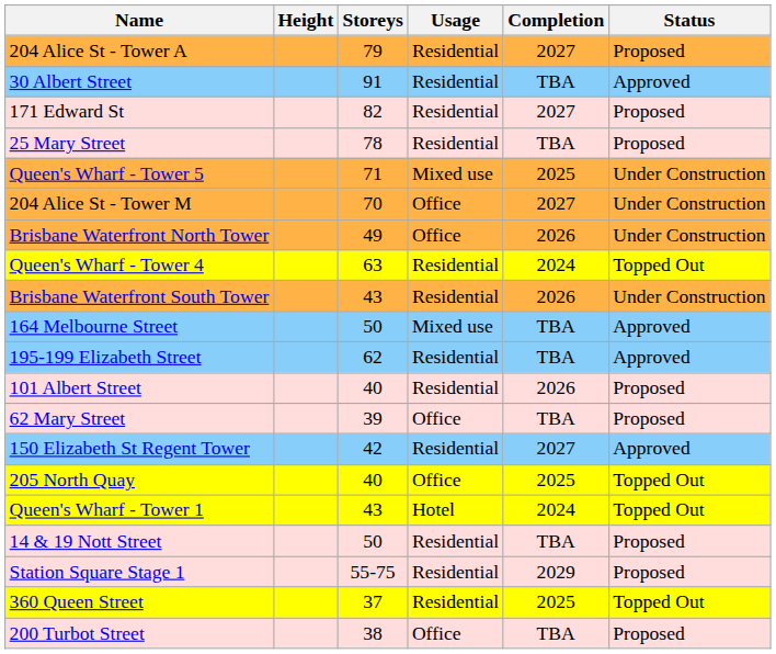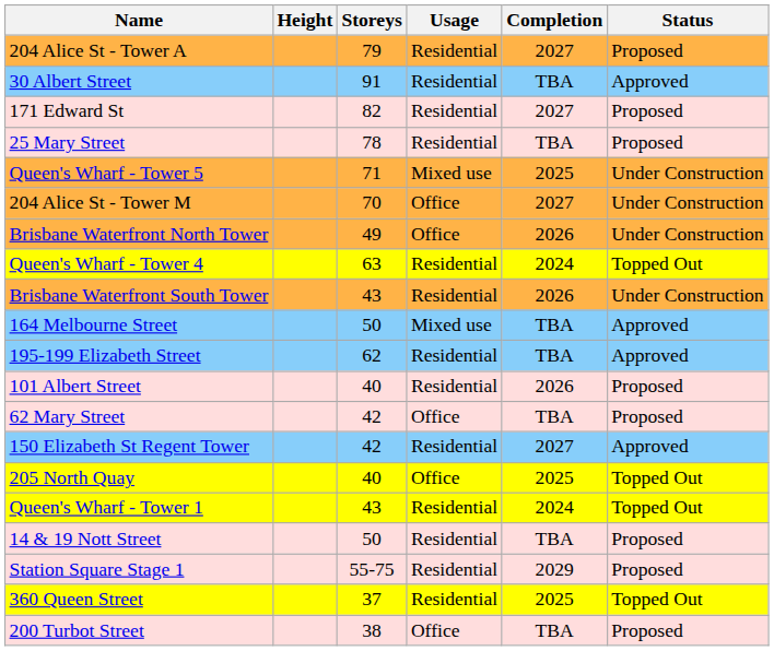 <table class="sortable wikitable">
 <tr>
 <th>Name</th>
 <th>Height</th>
 <th>Storeys</th>
 <th>Usage</th>
 <th>Completion</th>
 <th>Status</th>
 </tr>
 <tr style="width:40px; background:#ffb347;"| >
 <td>204 Alice St - Tower A</td>
 <td align=center></td>
 <td align=center>79</td>
 <td>Residential</td>
 <td align=center>2027</td>
 <td>Proposed</td>
 </tr>
 <tr style="background:#87CEFA;">
 <td><a href='#'>30 Albert Street</a></td>
 <td style="text-align:center;"></td>
 <td style="text-align:center;">91</td>
 <td>Residential</td>
 <td style="text-align:center;">TBA</td>
 <td>Approved</td>
 </tr>
 <tr style="width:40px; background:#fdd;”" | >
 <td>171 Edward St</td>
 <td align="center"></td>
 <td align="center">82</td>
 <td>Residential</td>
 <td align="center">2027</td>
 <td>Proposed</td>
 </tr>
 <tr style="background:#fdd;">
 <td><a href='#'>25 Mary Street</a></td>
 <td align="center"></td>
 <td align="center">78</td>
 <td>Residential</td>
 <td align="center">TBA</td>
 <td>Proposed</td>
 </tr>
 <tr style="width:40px; background:#ffb347;" | >
 <td><a href='#'>Queen's Wharf - Tower 5</a></td>
 <td align="center"></td>
 <td align="center">71</td>
 <td>Mixed use</td>
 <td align="center">2025</td>
 <td>Under Construction</td>
 </tr>
 <tr style="width:40px; background:#ffb347;"| >
 <td>204 Alice St - Tower M</td>
 <td align="center"></td>
 <td align="center">70</td>
 <td>Office</td>
 <td align="center">2027</td>
 <td>Under Construction</td>
 </tr>
 <tr style="width:40px; background:#ffb347;"| >
 <td><a href='#'>Brisbane Waterfront North Tower</a></td>
 <td align=center></td>
 <td align=center>49</td>
 <td>Office</td>
 <td align="center">2026</td>
 <td>Under Construction</td>
 </tr>
 <tr style="background:#FF0;">
 <td><a href='#'>Queen's Wharf - Tower 4</a></td>
 <td align="center"></td>
 <td align="center">63</td>
 <td>Residential</td>
 <td align="center">2024</td>
 <td>Topped Out</td>
 </tr>
 <tr style="background:#FFB347;">
 <td><a href='#'>Brisbane Waterfront South Tower</a></td>
 <td align="center"></td>
 <td align="center">43</td>
 <td>Residential</td>
 <td align="center">2026</td>
 <td>Under Construction</td>
 </tr>
 <tr style="background:#87CEFA;">
 <td><a href='#'>164 Melbourne Street</a></td>
 <td align=center></td>
 <td align=center>50</td>
 <td>Mixed use</td>
 <td align="center">TBA</td>
 <td>Approved</td>
 </tr>
 <tr style="background:#87cefa;">
 <td><a href='#'>195-199 Elizabeth Street</a></td>
 <td align=center></td>
 <td align=center>62</td>
 <td>Residential</td>
 <td align="center">TBA</td>
 <td>Approved</td>
 </tr>
 <tr style="background:#fdd;"ffb347;”>
 <td><a href='#'>101 Albert Street</a></td>
 <td align=center></td>
 <td align=center>40</td>
 <td>Residential</td>
 <td align=center>2026</td>
 <td>Proposed</td>
 </tr>
 <tr style="width:40px; background:#fdd;”| ">
 <td><a href='#'>62 Mary Street</a></td>
 <td align=center></td>
-<td align=center>39</td>
+<td align=center>42</td>
 <td>Office</td>
 <td align="center">TBA</td>
 <td>Proposed</td>
 </tr>
 <tr style="background:#87cefa;">
 <td><a href='#'>150 Elizabeth St Regent Tower</a></td>
 <td align=center></td>
 <td align=center>42</td>
 <td>Residential</td>
 <td align="center">2027</td>
 <td>Approved</td>
 </tr>
 <tr style="width:40px; background:#ff0;"| >
 <td><a href='#'>205 North Quay</a></td>
 <td align=center></td>
 <td align=center>40</td>
 <td>Office</td>
 <td align="center">2025</td>
 <td>Topped Out</td>
 </tr>
 <tr style="background:#FF0;">
 <td><a href='#'>Queen's Wharf - Tower 1</a></td>
 <td align=center></td>
 <td align=center>43</td>
-<td>Hotel</td>
+<td>Residential</td>
 <td align="center">2024</td>
 <td>Topped Out</td>
 </tr>
 <tr style="width:40px; background:#fdd;”| ">
 <td><a href='#'>14 & 19 Nott Street</a></td>
 <td align=center></td>
 <td align=center>50</td>
 <td>Residential</td>
 <td align="center">TBA</td>
 <td>Proposed</td>
 </tr>
 <tr style="width:40px; background:#fdd;”| ">
 <td><a href='#'>Station Square Stage 1</a></td>
 <td align=center></td>
 <td align=center>55-75</td>
 <td>Residential</td>
 <td align="center">2029</td>
 <td>Proposed</td>
 </tr>
 <tr style="width:40px; background:#ff0;"| >
 <td><a href='#'>360 Queen Street</a></td>
 <td align=center></td>
 <td align=center>37</td>
 <td>Residential</td>
 <td align="center">2025</td>
 <td>Topped Out</td>
 </tr>
 <tr style="width:40px; background:#fdd;”| ">
 <td><a href='#'>200 Turbot Street</a></td>
 <td align=center></td>
 <td align=center>38</td>
 <td>Office</td>
 <td align="center">TBA</td>
 <td>Proposed</td>
 </tr>
 </table>
